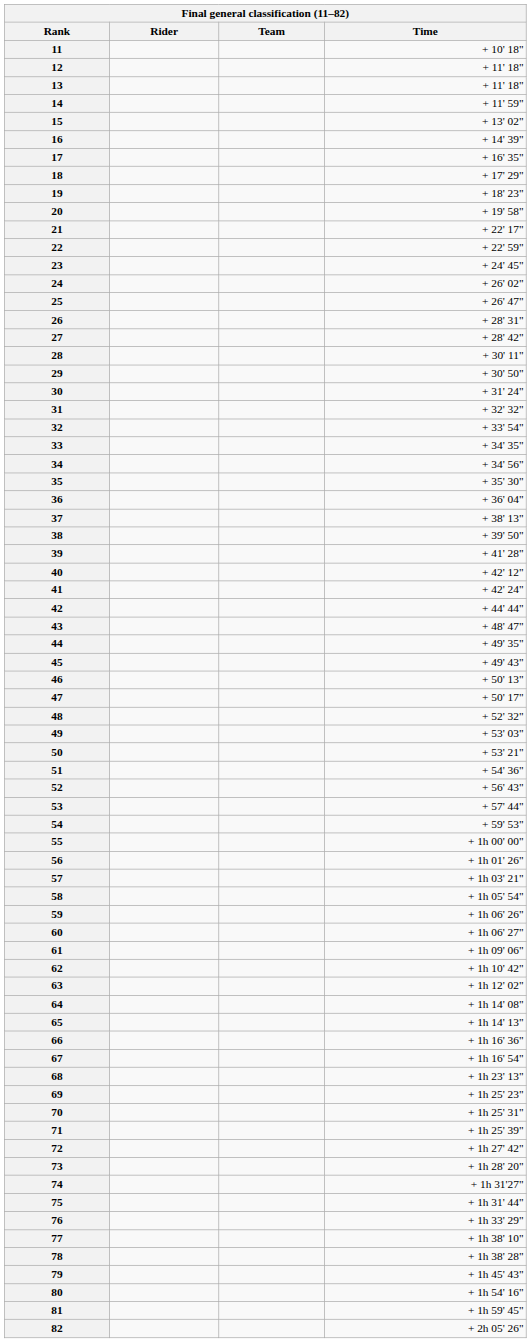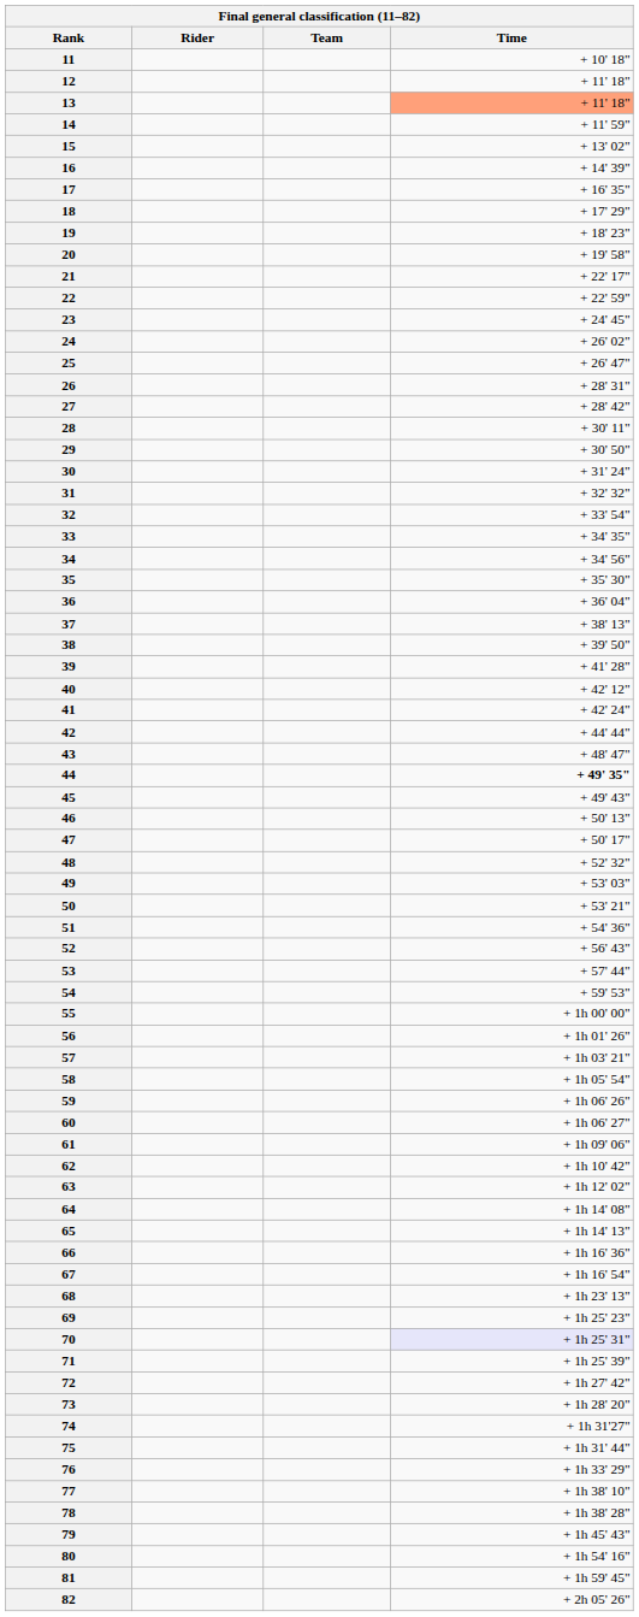 <table class="collapsible collapsed wikitable" style="width:46em;margin-top:-1px;">
 <tr>
 <th scope="col" colspan="4">Final general classification (11–82)</th>
 </tr>
 <tr>
 <th scope="col">Rank</th>
 <th scope="col">Rider</th>
 <th scope="col">Team</th>
 <th scope="col">Time</th>
 </tr>
 <tr>
 <th scope="row">11</th>
 <td></td>
 <td></td>
 <td style="text-align:right;">+ 10' 18"</td>
 </tr>
 <tr>
 <th scope="row">12</th>
 <td></td>
 <td></td>
 <td style="text-align:right;">+ 11' 18"</td>
 </tr>
 <tr>
 <th scope="row">13</th>
 <td></td>
 <td></td>
-<td style="text-align:right;">+ 11' 18"</td>
+<td style="background: lightsalmon; text-align:right;">+ 11' 18"</td>
 </tr>
 <tr>
 <th scope="row">14</th>
 <td></td>
 <td></td>
 <td style="text-align:right;">+ 11' 59"</td>
 </tr>
 <tr>
 <th scope="row">15</th>
 <td></td>
 <td></td>
 <td style="text-align:right;">+ 13' 02"</td>
 </tr>
 <tr>
 <th scope="row">16</th>
 <td></td>
 <td></td>
 <td style="text-align:right;">+ 14' 39"</td>
 </tr>
 <tr>
 <th scope="row">17</th>
 <td></td>
 <td></td>
 <td style="text-align:right;">+ 16' 35"</td>
 </tr>
 <tr>
 <th scope="row">18</th>
 <td></td>
 <td></td>
 <td style="text-align:right;">+ 17' 29"</td>
 </tr>
 <tr>
 <th scope="row">19</th>
 <td></td>
 <td></td>
 <td style="text-align:right;">+ 18' 23"</td>
 </tr>
 <tr>
 <th scope="row">20</th>
 <td></td>
 <td></td>
 <td style="text-align:right;">+ 19' 58"</td>
 </tr>
 <tr>
 <th scope="row">21</th>
 <td></td>
 <td></td>
 <td style="text-align:right;">+ 22' 17"</td>
 </tr>
 <tr>
 <th scope="row">22</th>
 <td></td>
 <td></td>
 <td style="text-align:right;">+ 22' 59"</td>
 </tr>
 <tr>
 <th scope="row">23</th>
 <td></td>
 <td></td>
 <td style="text-align:right;">+ 24' 45"</td>
 </tr>
 <tr>
 <th scope="row">24</th>
 <td></td>
 <td></td>
 <td style="text-align:right;">+ 26' 02"</td>
 </tr>
 <tr>
 <th scope="row">25</th>
 <td></td>
 <td></td>
 <td style="text-align:right;">+ 26' 47"</td>
 </tr>
 <tr>
 <th scope="row">26</th>
 <td></td>
 <td></td>
 <td style="text-align:right;">+ 28' 31"</td>
 </tr>
 <tr>
 <th scope="row">27</th>
 <td></td>
 <td></td>
 <td style="text-align:right;">+ 28' 42"</td>
 </tr>
 <tr>
 <th scope="row">28</th>
 <td></td>
 <td></td>
 <td style="text-align:right;">+ 30' 11"</td>
 </tr>
 <tr>
 <th scope="row">29</th>
 <td></td>
 <td></td>
 <td style="text-align:right;">+ 30' 50"</td>
 </tr>
 <tr>
 <th scope="row">30</th>
 <td></td>
 <td></td>
 <td style="text-align:right;">+ 31' 24"</td>
 </tr>
 <tr>
 <th scope="row">31</th>
 <td></td>
 <td></td>
 <td style="text-align:right;">+ 32' 32"</td>
 </tr>
 <tr>
 <th scope="row">32</th>
 <td></td>
 <td></td>
 <td style="text-align:right;">+ 33' 54"</td>
 </tr>
 <tr>
 <th scope="row">33</th>
 <td></td>
 <td></td>
 <td style="text-align:right;">+ 34' 35"</td>
 </tr>
 <tr>
 <th scope="row">34</th>
 <td></td>
 <td></td>
 <td style="text-align:right;">+ 34' 56"</td>
 </tr>
 <tr>
 <th scope="row">35</th>
 <td></td>
 <td></td>
 <td style="text-align:right;">+ 35' 30"</td>
 </tr>
 <tr>
 <th scope="row">36</th>
 <td></td>
 <td></td>
 <td style="text-align:right;">+ 36' 04"</td>
 </tr>
 <tr>
 <th scope="row">37</th>
 <td></td>
 <td></td>
 <td style="text-align:right;">+ 38' 13"</td>
 </tr>
 <tr>
 <th scope="row">38</th>
 <td></td>
 <td></td>
 <td style="text-align:right;">+ 39' 50"</td>
 </tr>
 <tr>
 <th scope="row">39</th>
 <td></td>
 <td></td>
 <td style="text-align:right;">+ 41' 28"</td>
 </tr>
 <tr>
 <th scope="row">40</th>
 <td></td>
 <td></td>
 <td style="text-align:right;">+ 42' 12"</td>
 </tr>
 <tr>
 <th scope="row">41</th>
 <td></td>
 <td></td>
 <td style="text-align:right;">+ 42' 24"</td>
 </tr>
 <tr>
 <th scope="row">42</th>
 <td></td>
 <td></td>
 <td style="text-align:right;">+ 44' 44"</td>
 </tr>
 <tr>
 <th scope="row">43</th>
 <td></td>
 <td></td>
 <td style="text-align:right;">+ 48' 47"</td>
 </tr>
 <tr>
 <th scope="row">44</th>
 <td></td>
 <td></td>
-<td style="text-align:right;">+ 49' 35"</td>
+<td style="text-align:right;"><strong>+ 49' 35"</strong></td>
 </tr>
 <tr>
 <th scope="row">45</th>
 <td></td>
 <td></td>
 <td style="text-align:right;">+ 49' 43"</td>
 </tr>
 <tr>
 <th scope="row">46</th>
 <td></td>
 <td></td>
 <td style="text-align:right;">+ 50' 13"</td>
 </tr>
 <tr>
 <th scope="row">47</th>
 <td></td>
 <td></td>
 <td style="text-align:right;">+ 50' 17"</td>
 </tr>
 <tr>
 <th scope="row">48</th>
 <td></td>
 <td></td>
 <td style="text-align:right;">+ 52' 32"</td>
 </tr>
 <tr>
 <th scope="row">49</th>
 <td></td>
 <td></td>
 <td style="text-align:right;">+ 53' 03"</td>
 </tr>
 <tr>
 <th scope="row">50</th>
 <td></td>
 <td></td>
 <td style="text-align:right;">+ 53' 21"</td>
 </tr>
 <tr>
 <th scope="row">51</th>
 <td></td>
 <td></td>
 <td style="text-align:right;">+ 54' 36"</td>
 </tr>
 <tr>
 <th scope="row">52</th>
 <td></td>
 <td></td>
 <td style="text-align:right;">+ 56' 43"</td>
 </tr>
 <tr>
 <th scope="row">53</th>
 <td></td>
 <td></td>
 <td style="text-align:right;">+ 57' 44"</td>
 </tr>
 <tr>
 <th scope="row">54</th>
 <td></td>
 <td></td>
 <td style="text-align:right;">+ 59' 53"</td>
 </tr>
 <tr>
 <th scope="row">55</th>
 <td></td>
 <td></td>
 <td style="text-align:right;">+ 1h 00' 00"</td>
 </tr>
 <tr>
 <th scope="row">56</th>
 <td></td>
 <td></td>
 <td style="text-align:right;">+ 1h 01' 26"</td>
 </tr>
 <tr>
 <th scope="row">57</th>
 <td></td>
 <td></td>
 <td style="text-align:right;">+ 1h 03' 21"</td>
 </tr>
 <tr>
 <th scope="row">58</th>
 <td></td>
 <td></td>
 <td style="text-align:right;">+ 1h 05' 54"</td>
 </tr>
 <tr>
 <th scope="row">59</th>
 <td></td>
 <td></td>
 <td style="text-align:right;">+ 1h 06' 26"</td>
 </tr>
 <tr>
 <th scope="row">60</th>
 <td></td>
 <td></td>
 <td style="text-align:right;">+ 1h 06' 27"</td>
 </tr>
 <tr>
 <th scope="row">61</th>
 <td></td>
 <td></td>
 <td style="text-align:right;">+ 1h 09' 06"</td>
 </tr>
 <tr>
 <th scope="row">62</th>
 <td></td>
 <td></td>
 <td style="text-align:right;">+ 1h 10' 42"</td>
 </tr>
 <tr>
 <th scope="row">63</th>
 <td></td>
 <td></td>
 <td style="text-align:right;">+ 1h 12' 02"</td>
 </tr>
 <tr>
 <th scope="row">64</th>
 <td></td>
 <td></td>
 <td style="text-align:right;">+ 1h 14' 08"</td>
 </tr>
 <tr>
 <th scope="row">65</th>
 <td></td>
 <td></td>
 <td style="text-align:right;">+ 1h 14' 13"</td>
 </tr>
 <tr>
 <th scope="row">66</th>
 <td></td>
 <td></td>
 <td style="text-align:right;">+ 1h 16' 36"</td>
 </tr>
 <tr>
 <th scope="row">67</th>
 <td></td>
 <td></td>
 <td style="text-align:right;">+ 1h 16' 54"</td>
 </tr>
 <tr>
 <th scope="row">68</th>
 <td></td>
 <td></td>
 <td style="text-align:right;">+ 1h 23' 13"</td>
 </tr>
 <tr>
 <th scope="row">69</th>
 <td></td>
 <td></td>
 <td style="text-align:right;">+ 1h 25' 23"</td>
 </tr>
 <tr>
 <th scope="row">70</th>
 <td></td>
 <td></td>
-<td style="text-align:right;">+ 1h 25' 31"</td>
+<td style="background: lavender; text-align:right;">+ 1h 25' 31"</td>
 </tr>
 <tr>
 <th scope="row">71</th>
 <td></td>
 <td></td>
 <td style="text-align:right;">+ 1h 25' 39"</td>
 </tr>
 <tr>
 <th scope="row">72</th>
 <td></td>
 <td></td>
 <td style="text-align:right;">+ 1h 27' 42"</td>
 </tr>
 <tr>
 <th scope="row">73</th>
 <td></td>
 <td></td>
 <td style="text-align:right;">+ 1h 28' 20"</td>
 </tr>
 <tr>
 <th scope="row">74</th>
 <td></td>
 <td></td>
 <td style="text-align:right;">+ 1h 31'27"</td>
 </tr>
 <tr>
 <th scope="row">75</th>
 <td></td>
 <td></td>
 <td style="text-align:right;">+ 1h 31' 44"</td>
 </tr>
 <tr>
 <th scope="row">76</th>
 <td></td>
 <td></td>
 <td style="text-align:right;">+ 1h 33' 29"</td>
 </tr>
 <tr>
 <th scope="row">77</th>
 <td></td>
 <td></td>
 <td style="text-align:right;">+ 1h 38' 10"</td>
 </tr>
 <tr>
 <th scope="row">78</th>
 <td></td>
 <td></td>
 <td style="text-align:right;">+ 1h 38' 28"</td>
 </tr>
 <tr>
 <th scope="row">79</th>
 <td></td>
 <td></td>
 <td style="text-align:right;">+ 1h 45' 43"</td>
 </tr>
 <tr>
 <th scope="row">80</th>
 <td></td>
 <td></td>
 <td style="text-align:right;">+ 1h 54' 16"</td>
 </tr>
 <tr>
 <th scope="row">81</th>
 <td></td>
 <td></td>
 <td style="text-align:right;">+ 1h 59' 45"</td>
 </tr>
 <tr>
 <th scope="row">82</th>
 <td></td>
 <td></td>
 <td style="text-align:right;">+ 2h 05' 26"</td>
 </tr>
 </table>
